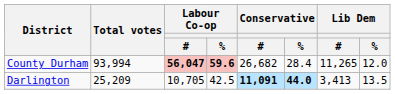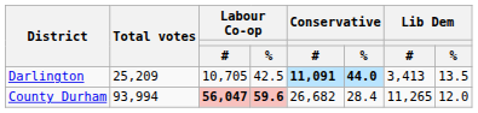 <table class="wikitable sortable">
 <tr>
 <th rowspan=3>District</th>
 <th rowspan=3>Total votes</th>
 <th colspan="2">Labour<br>Co-op</th>
 <th colspan="2">Conservative</th>
 <th colspan="2">Lib Dem</th>
 </tr>
 <tr>
 <th colspan="2" style="background:"></th>
 <th colspan="2" style="background:"></th>
 <th colspan="2" style="background:"></th>
 </tr>
 <tr>
 <th>#</th>
 <th>%</th>
 <th>#</th>
 <th>%</th>
 <th>#</th>
 <th>%</th>
 </tr>
 <tr>
+<td><a href='#'>Darlington</a></td>
+<td>25,209</td>
+<td>10,705</td>
+<td>42.5</td>
+<td style="background:#B9E4FF;"><strong>11,091</strong></td>
+<td style="background:#B9E4FF;"><strong>44.0</strong></td>
+<td>3,413</td>
+<td>13.5</td>
+</tr>
+<tr>
 <td><a href='#'>County Durham</a></td>
 <td>93,994</td>
 <td style="background:#F8C1BE;"><strong>56,047</strong></td>
 <td style="background:#F8C1BE;"><strong>59.6</strong></td>
 <td>26,682</td>
 <td>28.4</td>
 <td>11,265</td>
 <td>12.0</td>
 </tr>
-<tr>
-<td><a href='#'>Darlington</a></td>
-<td>25,209</td>
-<td>10,705</td>
-<td>42.5</td>
-<td style="background:#B9E4FF;"><strong>11,091</strong></td>
-<td style="background:#B9E4FF;"><strong>44.0</strong></td>
-<td>3,413</td>
-<td>13.5</td>
-</tr>
 </table>
